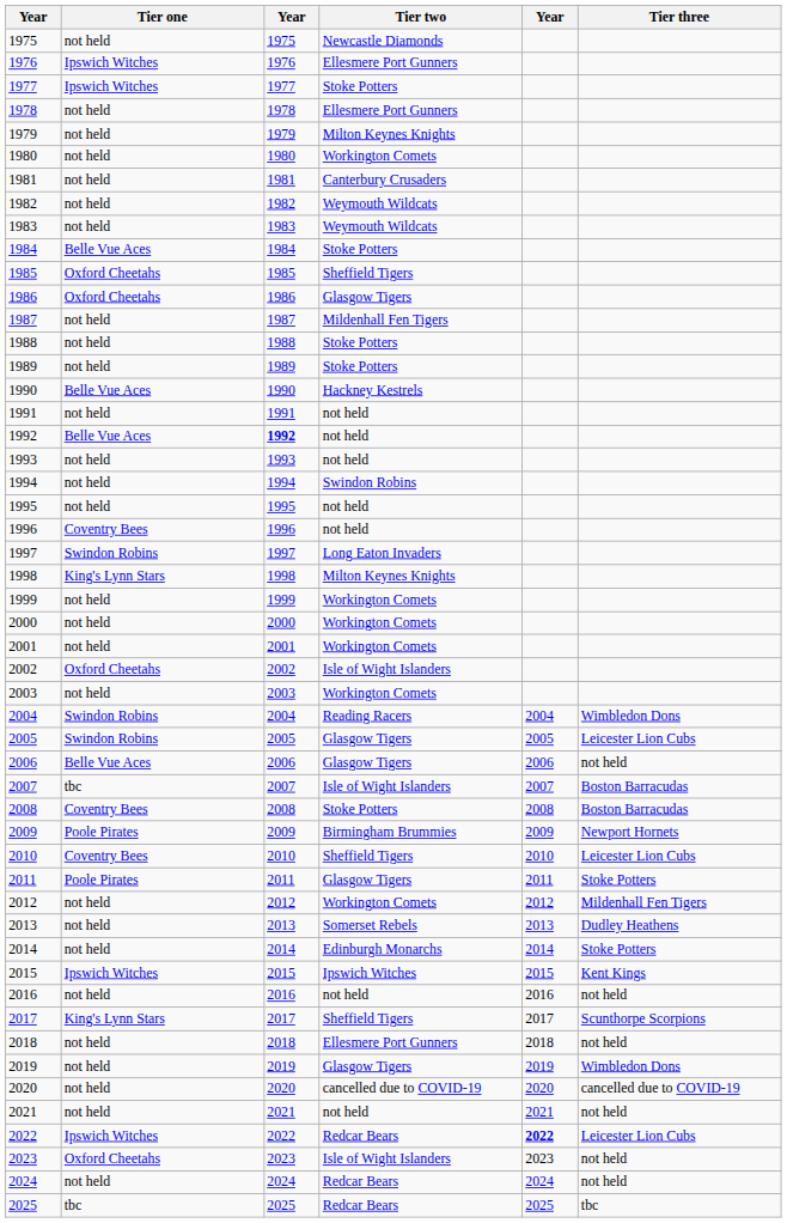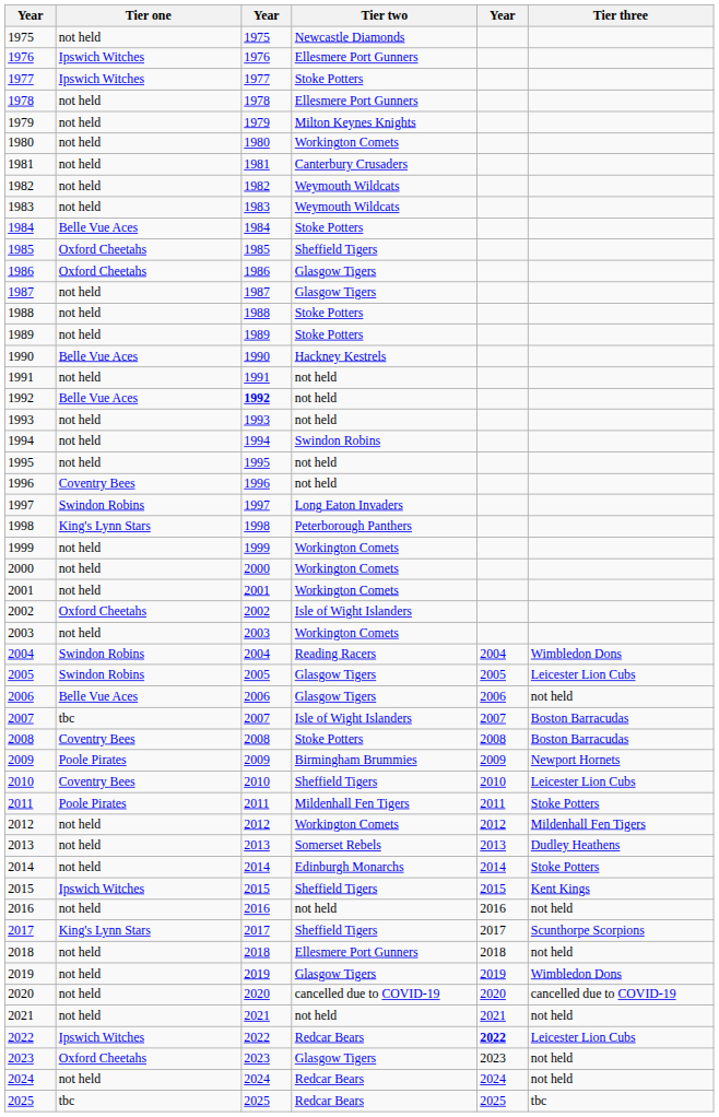 <table class="wikitable" style="font-size: 90%">
 <tr>
 <th width=50>Year</th>
 <th width=200>Tier one</th>
 <th width=50>Year</th>
 <th width=200>Tier two</th>
 <th width=50>Year</th>
 <th width=200>Tier three</th>
 </tr>
 <tr>
 <td>1975</td>
 <td>not held</td>
 <td><a href='#'>1975</a></td>
 <td><a href='#'>Newcastle Diamonds</a></td>
 <td></td>
 <td></td>
 </tr>
 <tr>
 <td><a href='#'>1976</a></td>
 <td><a href='#'>Ipswich Witches</a></td>
 <td><a href='#'>1976</a></td>
 <td><a href='#'>Ellesmere Port Gunners</a></td>
 <td></td>
 <td></td>
 </tr>
 <tr>
 <td><a href='#'>1977</a></td>
 <td><a href='#'>Ipswich Witches</a></td>
 <td><a href='#'>1977</a></td>
 <td><a href='#'>Stoke Potters</a></td>
 <td></td>
 <td></td>
 </tr>
 <tr>
 <td><a href='#'>1978</a></td>
 <td>not held</td>
 <td><a href='#'>1978</a></td>
 <td><a href='#'>Ellesmere Port Gunners</a></td>
 <td></td>
 <td></td>
 </tr>
 <tr>
 <td>1979</td>
 <td>not held</td>
 <td><a href='#'>1979</a></td>
 <td><a href='#'>Milton Keynes Knights</a></td>
 <td></td>
 <td></td>
 </tr>
 <tr>
 <td>1980</td>
 <td>not held</td>
 <td><a href='#'>1980</a></td>
 <td><a href='#'>Workington Comets</a></td>
 <td></td>
 <td></td>
 </tr>
 <tr>
 <td>1981</td>
 <td>not held</td>
 <td><a href='#'>1981</a></td>
 <td><a href='#'>Canterbury Crusaders</a></td>
 <td></td>
 <td></td>
 </tr>
 <tr>
 <td>1982</td>
 <td>not held</td>
 <td><a href='#'>1982</a></td>
 <td><a href='#'>Weymouth Wildcats</a></td>
 <td></td>
 <td></td>
 </tr>
 <tr>
 <td>1983</td>
 <td>not held</td>
 <td><a href='#'>1983</a></td>
 <td><a href='#'>Weymouth Wildcats</a></td>
 <td></td>
 <td></td>
 </tr>
 <tr>
 <td><a href='#'>1984</a></td>
 <td><a href='#'>Belle Vue Aces</a></td>
 <td><a href='#'>1984</a></td>
 <td><a href='#'>Stoke Potters</a></td>
 <td></td>
 <td></td>
 </tr>
 <tr>
 <td><a href='#'>1985</a></td>
 <td><a href='#'>Oxford Cheetahs</a></td>
 <td><a href='#'>1985</a></td>
 <td><a href='#'>Sheffield Tigers</a></td>
 <td></td>
 <td></td>
 </tr>
 <tr>
 <td><a href='#'>1986</a></td>
 <td><a href='#'>Oxford Cheetahs</a></td>
 <td><a href='#'>1986</a></td>
 <td><a href='#'>Glasgow Tigers</a></td>
 <td></td>
 <td></td>
 </tr>
 <tr>
 <td><a href='#'>1987</a></td>
 <td>not held</td>
 <td><a href='#'>1987</a></td>
-<td><a href='#'>Mildenhall Fen Tigers</a></td>
+<td><a href='#'>Glasgow Tigers</a></td>
 <td></td>
 <td></td>
 </tr>
 <tr>
 <td>1988</td>
 <td>not held</td>
 <td><a href='#'>1988</a></td>
 <td><a href='#'>Stoke Potters</a></td>
 <td></td>
 <td></td>
 </tr>
 <tr>
 <td>1989</td>
 <td>not held</td>
 <td><a href='#'>1989</a></td>
 <td><a href='#'>Stoke Potters</a></td>
 <td></td>
 <td></td>
 </tr>
 <tr>
 <td>1990</td>
 <td><a href='#'>Belle Vue Aces</a></td>
 <td><a href='#'>1990</a></td>
 <td><a href='#'>Hackney Kestrels</a></td>
 <td></td>
 <td></td>
 </tr>
 <tr>
 <td>1991</td>
 <td>not held</td>
 <td><a href='#'>1991</a></td>
 <td>not held</td>
 <td></td>
 <td></td>
 </tr>
 <tr>
 <td>1992</td>
 <td><a href='#'>Belle Vue Aces</a></td>
 <td><strong><a href='#'>1992</a></strong></td>
 <td>not held</td>
 <td></td>
 <td></td>
 </tr>
 <tr>
 <td>1993</td>
 <td>not held</td>
 <td><a href='#'>1993</a></td>
 <td>not held</td>
 <td></td>
 <td></td>
 </tr>
 <tr>
 <td>1994</td>
 <td>not held</td>
 <td><a href='#'>1994</a></td>
 <td><a href='#'>Swindon Robins</a></td>
 <td></td>
 <td></td>
 </tr>
 <tr>
 <td>1995</td>
 <td>not held</td>
 <td><a href='#'>1995</a></td>
 <td>not held</td>
 <td></td>
 <td></td>
 </tr>
 <tr>
 <td>1996</td>
 <td><a href='#'>Coventry Bees</a></td>
 <td><a href='#'>1996</a></td>
 <td>not held</td>
 <td></td>
 <td></td>
 </tr>
 <tr>
 <td>1997</td>
 <td><a href='#'>Swindon Robins</a></td>
 <td><a href='#'>1997</a></td>
 <td><a href='#'>Long Eaton Invaders</a></td>
 <td></td>
 <td></td>
 </tr>
 <tr>
 <td>1998</td>
 <td><a href='#'>King's Lynn Stars</a></td>
 <td><a href='#'>1998</a></td>
-<td><a href='#'>Milton Keynes Knights</a></td>
+<td><a href='#'>Peterborough Panthers</a></td>
 <td></td>
 <td></td>
 </tr>
 <tr>
 <td>1999</td>
 <td>not held</td>
 <td><a href='#'>1999</a></td>
 <td><a href='#'>Workington Comets</a></td>
 <td></td>
 <td></td>
 </tr>
 <tr>
 <td>2000</td>
 <td>not held</td>
 <td><a href='#'>2000</a></td>
 <td><a href='#'>Workington Comets</a></td>
 <td></td>
 <td></td>
 </tr>
 <tr>
 <td>2001</td>
 <td>not held</td>
 <td><a href='#'>2001</a></td>
 <td><a href='#'>Workington Comets</a></td>
 <td></td>
 <td></td>
 </tr>
 <tr>
 <td>2002</td>
 <td><a href='#'>Oxford Cheetahs</a></td>
 <td><a href='#'>2002</a></td>
 <td><a href='#'>Isle of Wight Islanders</a></td>
 <td></td>
 <td></td>
 </tr>
 <tr>
 <td>2003</td>
 <td>not held</td>
 <td><a href='#'>2003</a></td>
 <td><a href='#'>Workington Comets</a></td>
 <td></td>
 <td></td>
 </tr>
 <tr>
 <td><a href='#'>2004</a></td>
 <td><a href='#'>Swindon Robins</a></td>
 <td><a href='#'>2004</a></td>
 <td><a href='#'>Reading Racers</a></td>
 <td><a href='#'>2004</a></td>
 <td><a href='#'>Wimbledon Dons</a></td>
 </tr>
 <tr>
 <td><a href='#'>2005</a></td>
 <td><a href='#'>Swindon Robins</a></td>
 <td><a href='#'>2005</a></td>
 <td><a href='#'>Glasgow Tigers</a></td>
 <td><a href='#'>2005</a></td>
 <td><a href='#'>Leicester Lion Cubs</a></td>
 </tr>
 <tr>
 <td><a href='#'>2006</a></td>
 <td><a href='#'>Belle Vue Aces</a></td>
 <td><a href='#'>2006</a></td>
 <td><a href='#'>Glasgow Tigers</a></td>
 <td><a href='#'>2006</a></td>
 <td>not held</td>
 </tr>
 <tr>
 <td><a href='#'>2007</a></td>
 <td>tbc</td>
 <td><a href='#'>2007</a></td>
 <td><a href='#'>Isle of Wight Islanders</a></td>
 <td><a href='#'>2007</a></td>
 <td><a href='#'>Boston Barracudas</a></td>
 </tr>
 <tr>
 <td><a href='#'>2008</a></td>
 <td><a href='#'>Coventry Bees</a></td>
 <td><a href='#'>2008</a></td>
 <td><a href='#'>Stoke Potters</a></td>
 <td><a href='#'>2008</a></td>
 <td><a href='#'>Boston Barracudas</a></td>
 </tr>
 <tr>
 <td><a href='#'>2009</a></td>
 <td><a href='#'>Poole Pirates</a></td>
 <td><a href='#'>2009</a></td>
 <td><a href='#'>Birmingham Brummies</a></td>
 <td><a href='#'>2009</a></td>
 <td><a href='#'>Newport Hornets</a></td>
 </tr>
 <tr>
 <td><a href='#'>2010</a></td>
 <td><a href='#'>Coventry Bees</a></td>
 <td><a href='#'>2010</a></td>
 <td><a href='#'>Sheffield Tigers</a></td>
 <td><a href='#'>2010</a></td>
 <td><a href='#'>Leicester Lion Cubs</a></td>
 </tr>
 <tr>
 <td><a href='#'>2011</a></td>
 <td><a href='#'>Poole Pirates</a></td>
 <td><a href='#'>2011</a></td>
-<td><a href='#'>Glasgow Tigers</a></td>
+<td><a href='#'>Mildenhall Fen Tigers</a></td>
 <td><a href='#'>2011</a></td>
 <td><a href='#'>Stoke Potters</a></td>
 </tr>
 <tr>
 <td>2012</td>
 <td>not held</td>
 <td><a href='#'>2012</a></td>
 <td><a href='#'>Workington Comets</a></td>
 <td><a href='#'>2012</a></td>
 <td><a href='#'>Mildenhall Fen Tigers</a></td>
 </tr>
 <tr>
 <td>2013</td>
 <td>not held</td>
 <td><a href='#'>2013</a></td>
 <td><a href='#'>Somerset Rebels</a></td>
 <td><a href='#'>2013</a></td>
 <td><a href='#'>Dudley Heathens</a></td>
 </tr>
 <tr>
 <td>2014</td>
 <td>not held</td>
 <td><a href='#'>2014</a></td>
 <td><a href='#'>Edinburgh Monarchs</a></td>
 <td><a href='#'>2014</a></td>
 <td><a href='#'>Stoke Potters</a></td>
 </tr>
 <tr>
 <td>2015</td>
 <td><a href='#'>Ipswich Witches</a></td>
 <td><a href='#'>2015</a></td>
-<td><a href='#'>Ipswich Witches</a></td>
+<td><a href='#'>Sheffield Tigers</a></td>
 <td><a href='#'>2015</a></td>
 <td><a href='#'>Kent Kings</a></td>
 </tr>
 <tr>
 <td>2016</td>
 <td>not held</td>
 <td><a href='#'>2016</a></td>
 <td>not held</td>
 <td>2016</td>
 <td>not held</td>
 </tr>
 <tr>
 <td><a href='#'>2017</a></td>
 <td><a href='#'>King's Lynn Stars</a></td>
 <td><a href='#'>2017</a></td>
 <td><a href='#'>Sheffield Tigers</a></td>
 <td>2017</td>
 <td><a href='#'>Scunthorpe Scorpions</a></td>
 </tr>
 <tr>
 <td>2018</td>
 <td>not held</td>
 <td><a href='#'>2018</a></td>
 <td><a href='#'>Ellesmere Port Gunners</a></td>
 <td>2018</td>
 <td>not held</td>
 </tr>
 <tr>
 <td>2019</td>
 <td>not held</td>
 <td><a href='#'>2019</a></td>
 <td><a href='#'>Glasgow Tigers</a></td>
 <td><a href='#'>2019</a></td>
 <td><a href='#'>Wimbledon Dons</a></td>
 </tr>
 <tr>
 <td>2020</td>
 <td>not held</td>
 <td><a href='#'>2020</a></td>
 <td>cancelled due to <a href='#'>COVID-19</a></td>
 <td><a href='#'>2020</a></td>
 <td>cancelled due to <a href='#'>COVID-19</a></td>
 </tr>
 <tr>
 <td>2021</td>
 <td>not held</td>
 <td><a href='#'>2021</a></td>
 <td>not held</td>
 <td><a href='#'>2021</a></td>
 <td>not held</td>
 </tr>
 <tr>
 <td><a href='#'>2022</a></td>
 <td><a href='#'>Ipswich Witches</a></td>
 <td><a href='#'>2022</a></td>
 <td><a href='#'>Redcar Bears</a></td>
 <td><strong><a href='#'>2022</a></strong></td>
 <td><a href='#'>Leicester Lion Cubs</a></td>
 </tr>
 <tr>
 <td><a href='#'>2023</a></td>
 <td><a href='#'>Oxford Cheetahs</a></td>
 <td><a href='#'>2023</a></td>
-<td><a href='#'>Isle of Wight Islanders</a></td>
+<td><a href='#'>Glasgow Tigers</a></td>
 <td>2023</td>
 <td>not held</td>
 </tr>
 <tr>
 <td><a href='#'>2024</a></td>
 <td>not held</td>
 <td><a href='#'>2024</a></td>
 <td><a href='#'>Redcar Bears</a></td>
 <td><a href='#'>2024</a></td>
 <td>not held</td>
 </tr>
 <tr>
 <td><a href='#'>2025</a></td>
 <td>tbc</td>
 <td><a href='#'>2025</a></td>
 <td><a href='#'>Redcar Bears</a></td>
 <td><a href='#'>2025</a></td>
 <td>tbc</td>
 </tr>
 </table>
